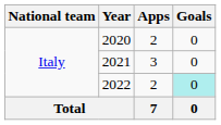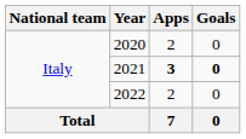 <table class="wikitable" style="text-align:center">
 <tr>
 <th>National team</th>
 <th>Year</th>
 <th>Apps</th>
 <th>Goals</th>
 </tr>
 <tr>
 <td rowspan=3><a href='#'>Italy</a></td>
 <td>2020</td>
 <td>2</td>
 <td>0</td>
 </tr>
 <tr>
 <td>2021</td>
-<td>3</td>
-<td>0</td>
+<td><strong>3</strong></td>
+<td><strong>0</strong></td>
 </tr>
 <tr>
 <td>2022</td>
 <td>2</td>
-<td style="background: paleturquoise;">0</td>
+<td>0</td>
 </tr>
 <tr>
 <th colspan=2>Total</th>
 <th>7</th>
 <th>0</th>
 </tr>
 </table>
